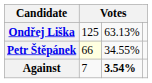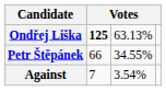 <table class="wikitable">
 <tr>
 <th>Candidate</th>
 <th colspan=3>Votes</th>
 </tr>
 <tr>
 <th><a href='#'>Ondřej Liška</a></th>
-<td>125</td>
+<td><strong>125</strong></td>
 <td>63.13%</td>
 <td></td>
 </tr>
 <tr>
 <th><a href='#'>Petr Štěpánek</a></th>
-<td style="background: lightyellow;">66</td>
+<td>66</td>
 <td>34.55%</td>
 <td></td>
 </tr>
 <tr>
 <th>Against</th>
 <td>7</td>
-<td><strong>3.54%</strong></td>
+<td>3.54%</td>
 <td></td>
 </tr>
 </table>
